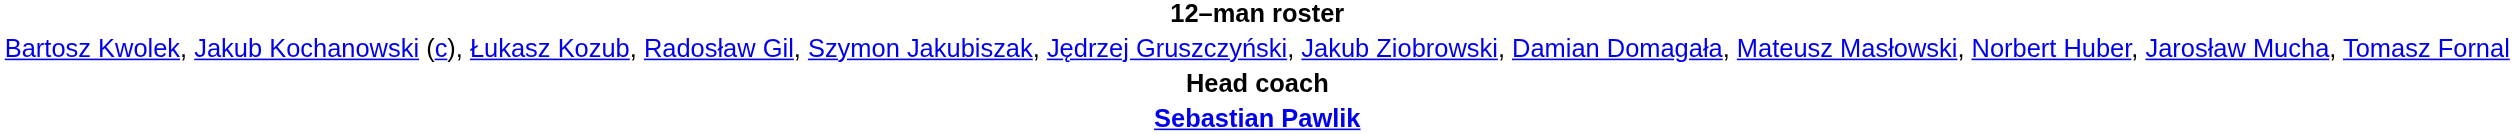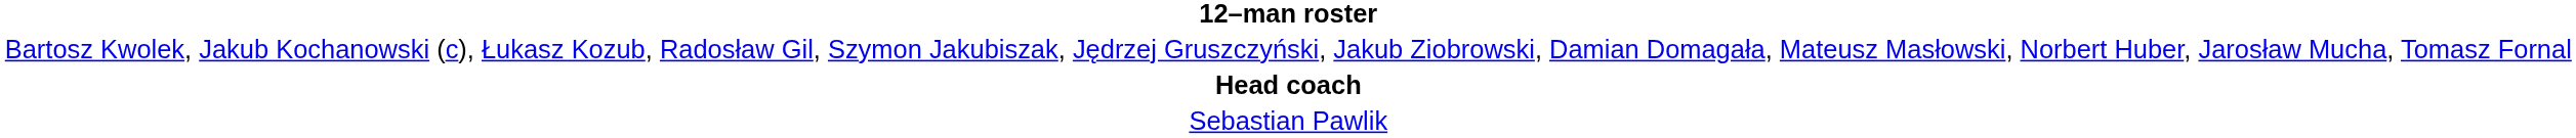 <table style="text-align:center; margin-top:2em; margin-left:auto; margin-right:auto">
 <tr>
 <td><strong>12–man roster</strong></td>
 </tr>
 <tr>
 <td><a href='#'>Bartosz Kwolek</a>, <a href='#'>Jakub Kochanowski</a> (<a href='#'>c</a>), <a href='#'>Łukasz Kozub</a>, <a href='#'>Radosław Gil</a>, <a href='#'>Szymon Jakubiszak</a>, <a href='#'>Jędrzej Gruszczyński</a>, <a href='#'>Jakub Ziobrowski</a>, <a href='#'>Damian Domagała</a>, <a href='#'>Mateusz Masłowski</a>, <a href='#'>Norbert Huber</a>, <a href='#'>Jarosław Mucha</a>, <a href='#'>Tomasz Fornal</a></td>
 </tr>
 <tr>
 <td><strong>Head coach</strong></td>
 </tr>
 <tr>
-<td><strong><a href='#'>Sebastian Pawlik</a></strong></td>
+<td><a href='#'>Sebastian Pawlik</a></td>
 </tr>
 </table>
